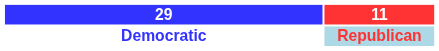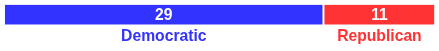 <table style="width:50%">
 <tr>
 <td scope="row" colspan="4" style="text-align:center"></td>
 </tr>
 <tr>
 <td scope="row" style="background:#3333FF; width:72.5%; text-align:center; color:white"><strong>29</strong></td>
 <td style="background:#FF3333; width:25%; text-align:center; color:white"><strong>11</strong></td>
 </tr>
 <tr>
 <td scope="row" style="text-align:center; color:#3333FF"><strong>Democratic</strong></td>
-<td style="background: lightblue; text-align:center; color:#FF3333"><strong>Republican</strong></td>
+<td style="text-align:center; color:#FF3333"><strong>Republican</strong></td>
 </tr>
 </table>
